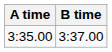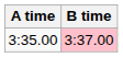 <table class="wikitable" border="1" align="upright">
 <tr>
 <th>A time</th>
 <th>B time</th>
 </tr>
 <tr>
 <td>3:35.00</td>
-<td>3:37.00</td>
+<td style="background: pink;">3:37.00</td>
 </tr>
 </table>
